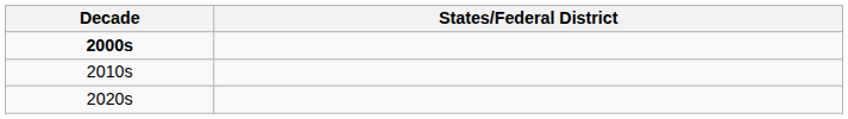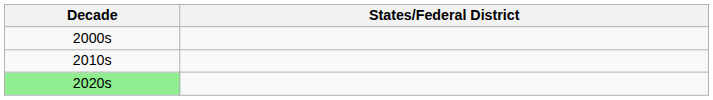 <table class="wikitable" style="width:50%">
 <tr>
 <th style="width:8em;"><strong>Decade</strong></th>
 <th style="width:25em;">States/Federal District</th>
 </tr>
 <tr>
-<td style="text-align:center;"><strong>2000s</strong></td>
+<td style="text-align:center;">2000s</td>
 <td></td>
 </tr>
 <tr>
 <td style="text-align:center;">2010s</td>
 <td></td>
 </tr>
 <tr>
-<td style="text-align:center;">2020s</td>
+<td style="background: lightgreen; text-align:center;">2020s</td>
 <td></td>
 </tr>
 </table>
